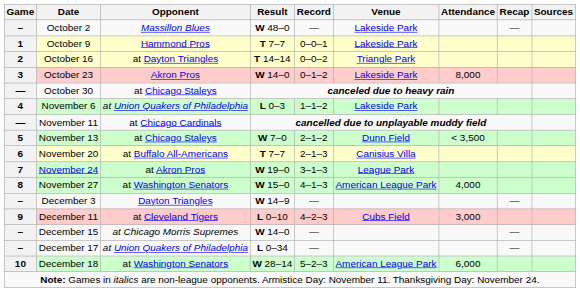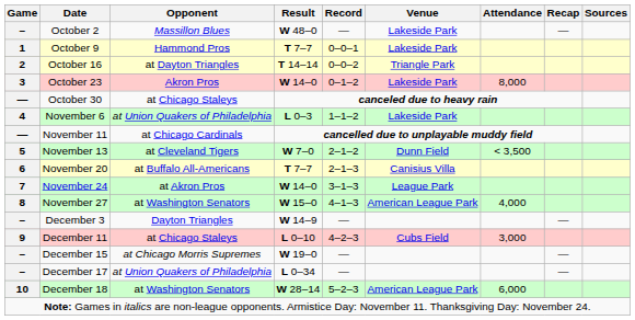 <table class="wikitable" style="text-align:center">
 <tr>
 <th>Game</th>
 <th>Date</th>
 <th>Opponent</th>
 <th>Result</th>
 <th>Record</th>
 <th>Venue</th>
 <th>Attendance</th>
 <th>Recap</th>
 <th>Sources</th>
 </tr>
 <tr>
 <th>–</th>
 <td>October 2</td>
 <td><em><a href='#'>Massillon Blues</a></em></td>
 <td><strong>W</strong> 48–0</td>
 <td>—</td>
 <td><a href='#'>Lakeside Park</a></td>
 <td></td>
 <td>—</td>
 <td></td>
 </tr>
 <tr style="background:#ffc">
 <th>1</th>
 <td>October 9</td>
 <td><a href='#'>Hammond Pros</a></td>
 <td><strong>T</strong> 7–7</td>
 <td>0–0–1</td>
 <td><a href='#'>Lakeside Park</a></td>
 <td></td>
 <td></td>
 <td></td>
 </tr>
 <tr style="background:#ffc">
 <th>2</th>
 <td>October 16</td>
 <td>at <a href='#'>Dayton Triangles</a></td>
 <td><strong>T</strong> 14–14</td>
 <td>0–0–2</td>
 <td><a href='#'>Triangle Park</a></td>
 <td></td>
 <td></td>
 <td></td>
 </tr>
 <tr style="background:#fcc">
 <th>3</th>
 <td>October 23</td>
 <td><a href='#'>Akron Pros</a></td>
 <td><strong>W</strong> 14–0</td>
 <td>0–1–2</td>
 <td><a href='#'>Lakeside Park</a></td>
 <td>8,000</td>
 <td></td>
 <td></td>
 </tr>
 <tr>
 <th>—</th>
 <td>October 30</td>
 <td>at <a href='#'>Chicago Staleys</a></td>
 <td colspan="5"><strong><em>canceled due to heavy rain</em></strong></td>
 <td></td>
 </tr>
 <tr style="background:#cfc">
 <th>4</th>
 <td>November 6</td>
 <td><em>at <a href='#'>Union Quakers of Philadelphia</a></em></td>
 <td><strong>L</strong> 0–3</td>
 <td>1–1–2</td>
 <td><a href='#'>Lakeside Park</a></td>
 <td></td>
 <td></td>
 <td></td>
 </tr>
 <tr>
 <th>—</th>
 <td>November 11</td>
 <td>at <a href='#'>Chicago Cardinals</a></td>
 <td colspan="5"><strong><em>cancelled due to unplayable muddy field</em></strong></td>
 <td></td>
 </tr>
 <tr style="background:#cfc">
 <th>5</th>
 <td>November 13</td>
-<td>at <a href='#'>Chicago Staleys</a></td>
+<td>at <a href='#'>Cleveland Tigers</a></td>
 <td><strong>W</strong> 7–0</td>
 <td>2–1–2</td>
 <td><a href='#'>Dunn Field</a></td>
 <td>< 3,500</td>
 <td></td>
 <td></td>
 </tr>
 <tr style="background:#ffc">
 <th>6</th>
 <td>November 20</td>
 <td>at <a href='#'>Buffalo All-Americans</a></td>
 <td><strong>T</strong> 7–7</td>
 <td>2–1–3</td>
 <td><a href='#'>Canisius Villa</a></td>
 <td></td>
 <td></td>
 <td></td>
 </tr>
 <tr style="background:#cfc">
 <th>7</th>
 <td><a href='#'>November 24</a></td>
 <td>at <a href='#'>Akron Pros</a></td>
-<td><strong>W</strong> 19–0</td>
+<td><strong>W</strong> 14–0</td>
 <td>3–1–3</td>
 <td><a href='#'>League Park</a></td>
 <td></td>
 <td></td>
 <td></td>
 </tr>
 <tr style="background:#cfc">
 <th>8</th>
 <td>November 27</td>
 <td>at <a href='#'>Washington Senators</a></td>
 <td><strong>W</strong> 15–0</td>
 <td>4–1–3</td>
 <td><a href='#'>American League Park</a></td>
 <td>4,000</td>
 <td></td>
 <td></td>
 </tr>
 <tr>
 <th>–</th>
 <td>December 3</td>
 <td><a href='#'>Dayton Triangles</a></td>
 <td><strong>W</strong> 14–9</td>
 <td>—</td>
 <td></td>
 <td></td>
 <td>—</td>
 <td></td>
 </tr>
 <tr style="background:#fcc">
 <th>9</th>
 <td>December 11</td>
-<td>at <a href='#'>Cleveland Tigers</a></td>
+<td>at <a href='#'>Chicago Staleys</a></td>
 <td><strong>L</strong> 0–10</td>
 <td>4–2–3</td>
 <td><a href='#'>Cubs Field</a></td>
 <td>3,000</td>
 <td></td>
 <td></td>
 </tr>
 <tr>
 <th>–</th>
 <td>December 15</td>
 <td><em>at Chicago Morris Supremes</em></td>
-<td><strong>W</strong> 14–0</td>
+<td><strong>W</strong> 19–0</td>
 <td>—</td>
 <td></td>
 <td></td>
 <td>—</td>
 <td></td>
 </tr>
 <tr>
 <th>–</th>
 <td>December 17</td>
 <td><em>at <a href='#'>Union Quakers of Philadelphia</a></em></td>
 <td><strong>L</strong> 0–34</td>
 <td>—</td>
 <td></td>
 <td></td>
 <td>—</td>
 <td></td>
 </tr>
 <tr style="background:#cfc">
 <th>10</th>
 <td>December 18</td>
 <td>at <a href='#'>Washington Senators</a></td>
 <td><strong>W</strong> 28–14</td>
 <td>5–2–3</td>
 <td><a href='#'>American League Park</a></td>
 <td>6,000</td>
 <td></td>
 <td></td>
 </tr>
 <tr>
 <td colspan="10"><strong>Note:</strong> Games in <em>italics</em> are non-league opponents. Armistice Day: November 11. Thanksgiving Day: November 24.</td>
 </tr>
 </table>
